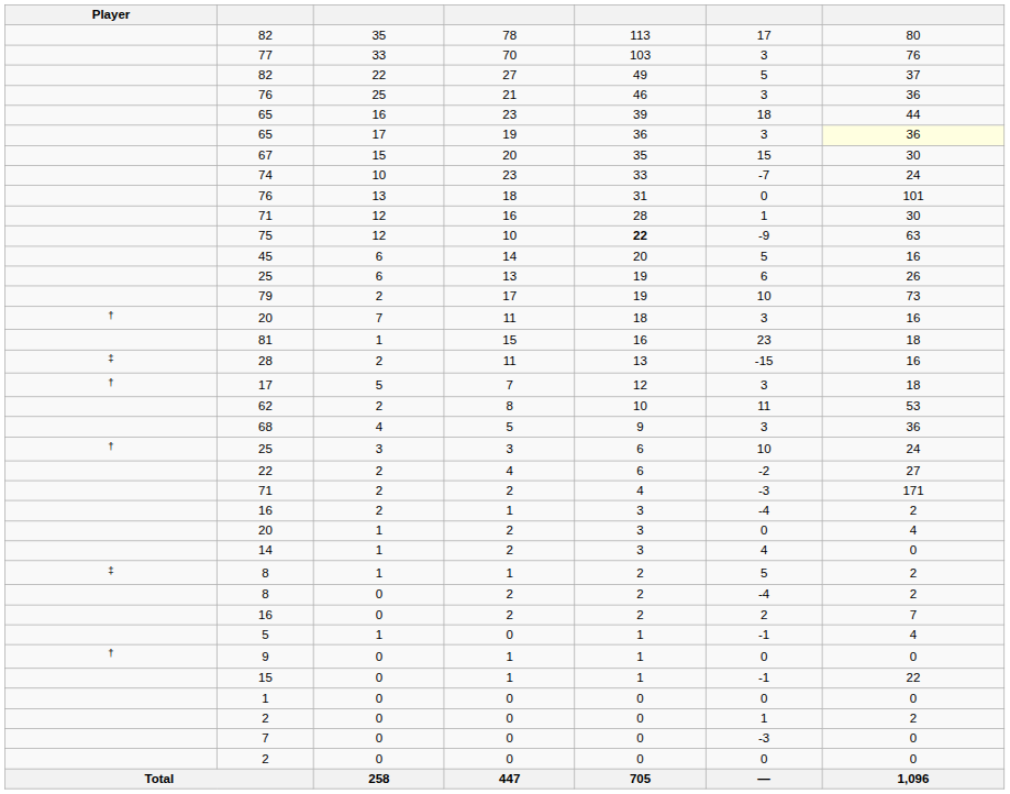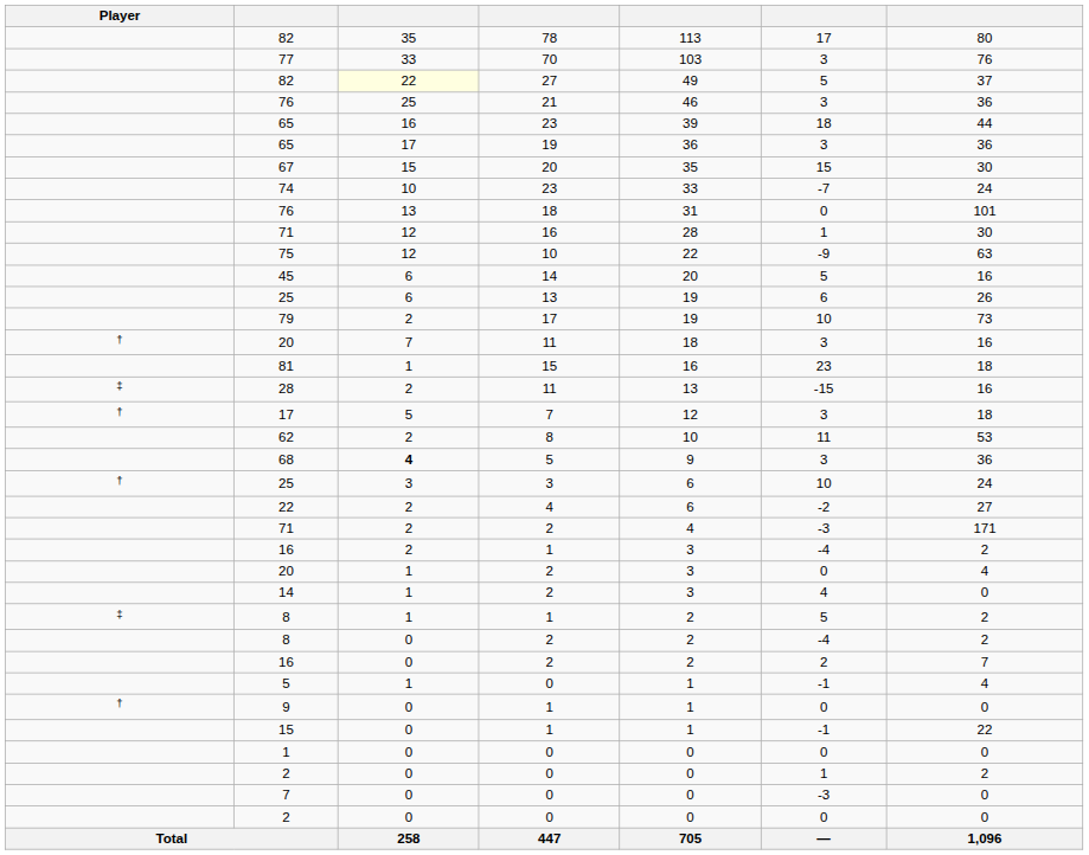 <table class="wikitable sortable" style="width:100%; text-align:center;">
 <tr align=center>
 <th>Player</th>
 <th></th>
 <th></th>
 <th></th>
 <th></th>
 <th data-sort-type="number"></th>
 <th></th>
 </tr>
 <tr>
 <td></td>
 <td>82</td>
 <td>35</td>
 <td>78</td>
 <td>113</td>
 <td>17</td>
 <td>80</td>
 </tr>
 <tr>
 <td></td>
 <td>77</td>
 <td>33</td>
 <td>70</td>
 <td>103</td>
 <td>3</td>
 <td>76</td>
 </tr>
 <tr>
 <td></td>
 <td>82</td>
-<td>22</td>
+<td style="background: lightyellow;">22</td>
 <td>27</td>
 <td>49</td>
 <td>5</td>
 <td>37</td>
 </tr>
 <tr>
 <td></td>
 <td>76</td>
 <td>25</td>
 <td>21</td>
 <td>46</td>
 <td>3</td>
 <td>36</td>
 </tr>
 <tr>
 <td></td>
 <td>65</td>
 <td>16</td>
 <td>23</td>
 <td>39</td>
 <td>18</td>
 <td>44</td>
 </tr>
 <tr>
 <td></td>
 <td>65</td>
 <td>17</td>
 <td>19</td>
 <td>36</td>
 <td>3</td>
-<td style="background: lightyellow;">36</td>
+<td>36</td>
 </tr>
 <tr>
 <td></td>
 <td>67</td>
 <td>15</td>
 <td>20</td>
 <td>35</td>
 <td>15</td>
 <td>30</td>
 </tr>
 <tr>
 <td></td>
 <td>74</td>
 <td>10</td>
 <td>23</td>
 <td>33</td>
 <td>-7</td>
 <td>24</td>
 </tr>
 <tr>
 <td></td>
 <td>76</td>
 <td>13</td>
 <td>18</td>
 <td>31</td>
 <td>0</td>
 <td>101</td>
 </tr>
 <tr>
 <td></td>
 <td>71</td>
 <td>12</td>
 <td>16</td>
 <td>28</td>
 <td>1</td>
 <td>30</td>
 </tr>
 <tr>
 <td></td>
 <td>75</td>
 <td>12</td>
 <td>10</td>
-<td><strong>22</strong></td>
+<td>22</td>
 <td>-9</td>
 <td>63</td>
 </tr>
 <tr>
 <td></td>
 <td>45</td>
 <td>6</td>
 <td>14</td>
 <td>20</td>
 <td>5</td>
 <td>16</td>
 </tr>
 <tr>
 <td></td>
 <td>25</td>
 <td>6</td>
 <td>13</td>
 <td>19</td>
 <td>6</td>
 <td>26</td>
 </tr>
 <tr>
 <td></td>
 <td>79</td>
 <td>2</td>
 <td>17</td>
 <td>19</td>
 <td>10</td>
 <td>73</td>
 </tr>
 <tr>
 <td><sup>†</sup></td>
 <td>20</td>
 <td>7</td>
 <td>11</td>
 <td>18</td>
 <td>3</td>
 <td>16</td>
 </tr>
 <tr>
 <td></td>
 <td>81</td>
 <td>1</td>
 <td>15</td>
 <td>16</td>
 <td>23</td>
 <td>18</td>
 </tr>
 <tr>
 <td><sup>‡</sup></td>
 <td>28</td>
 <td>2</td>
 <td>11</td>
 <td>13</td>
 <td>-15</td>
 <td>16</td>
 </tr>
 <tr>
 <td><sup>†</sup></td>
 <td>17</td>
 <td>5</td>
 <td>7</td>
 <td>12</td>
 <td>3</td>
 <td>18</td>
 </tr>
 <tr>
 <td></td>
 <td>62</td>
 <td>2</td>
 <td>8</td>
 <td>10</td>
 <td>11</td>
 <td>53</td>
 </tr>
 <tr>
 <td></td>
 <td>68</td>
-<td>4</td>
+<td><strong>4</strong></td>
 <td>5</td>
 <td>9</td>
 <td>3</td>
 <td>36</td>
 </tr>
 <tr>
 <td><sup>†</sup></td>
 <td>25</td>
 <td>3</td>
 <td>3</td>
 <td>6</td>
 <td>10</td>
 <td>24</td>
 </tr>
 <tr>
 <td></td>
 <td>22</td>
 <td>2</td>
 <td>4</td>
 <td>6</td>
 <td>-2</td>
 <td>27</td>
 </tr>
 <tr>
 <td></td>
 <td>71</td>
 <td>2</td>
 <td>2</td>
 <td>4</td>
 <td>-3</td>
 <td>171</td>
 </tr>
 <tr>
 <td></td>
 <td>16</td>
 <td>2</td>
 <td>1</td>
 <td>3</td>
 <td>-4</td>
 <td>2</td>
 </tr>
 <tr>
 <td></td>
 <td>20</td>
 <td>1</td>
 <td>2</td>
 <td>3</td>
 <td>0</td>
 <td>4</td>
 </tr>
 <tr>
 <td></td>
 <td>14</td>
 <td>1</td>
 <td>2</td>
 <td>3</td>
 <td>4</td>
 <td>0</td>
 </tr>
 <tr>
 <td><sup>‡</sup></td>
 <td>8</td>
 <td>1</td>
 <td>1</td>
 <td>2</td>
 <td>5</td>
 <td>2</td>
 </tr>
 <tr>
 <td></td>
 <td>8</td>
 <td>0</td>
 <td>2</td>
 <td>2</td>
 <td>-4</td>
 <td>2</td>
 </tr>
 <tr>
 <td></td>
 <td>16</td>
 <td>0</td>
 <td>2</td>
 <td>2</td>
 <td>2</td>
 <td>7</td>
 </tr>
 <tr>
 <td></td>
 <td>5</td>
 <td>1</td>
 <td>0</td>
 <td>1</td>
 <td>-1</td>
 <td>4</td>
 </tr>
 <tr>
 <td><sup>†</sup></td>
 <td>9</td>
 <td>0</td>
 <td>1</td>
 <td>1</td>
 <td>0</td>
 <td>0</td>
 </tr>
 <tr>
 <td></td>
 <td>15</td>
 <td>0</td>
 <td>1</td>
 <td>1</td>
 <td>-1</td>
 <td>22</td>
 </tr>
 <tr>
 <td></td>
 <td>1</td>
 <td>0</td>
 <td>0</td>
 <td>0</td>
 <td>0</td>
 <td>0</td>
 </tr>
 <tr>
 <td></td>
 <td>2</td>
 <td>0</td>
 <td>0</td>
 <td>0</td>
 <td>1</td>
 <td>2</td>
 </tr>
 <tr>
 <td></td>
 <td>7</td>
 <td>0</td>
 <td>0</td>
 <td>0</td>
 <td>-3</td>
 <td>0</td>
 </tr>
 <tr>
 <td></td>
 <td>2</td>
 <td>0</td>
 <td>0</td>
 <td>0</td>
 <td>0</td>
 <td>0</td>
 </tr>
 <tr class="sortbottom">
 <th colspan=2>Total</th>
 <th>258</th>
 <th>447</th>
 <th>705</th>
 <th>—</th>
 <th>1,096</th>
 </tr>
 </table>
